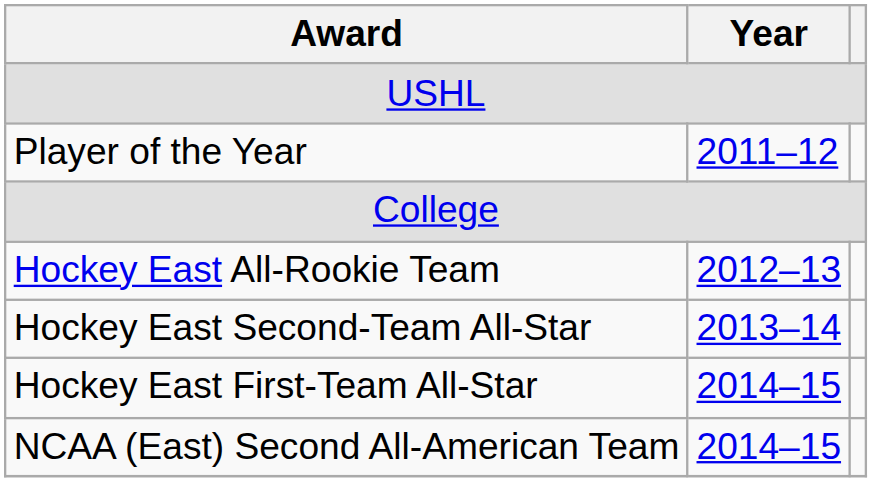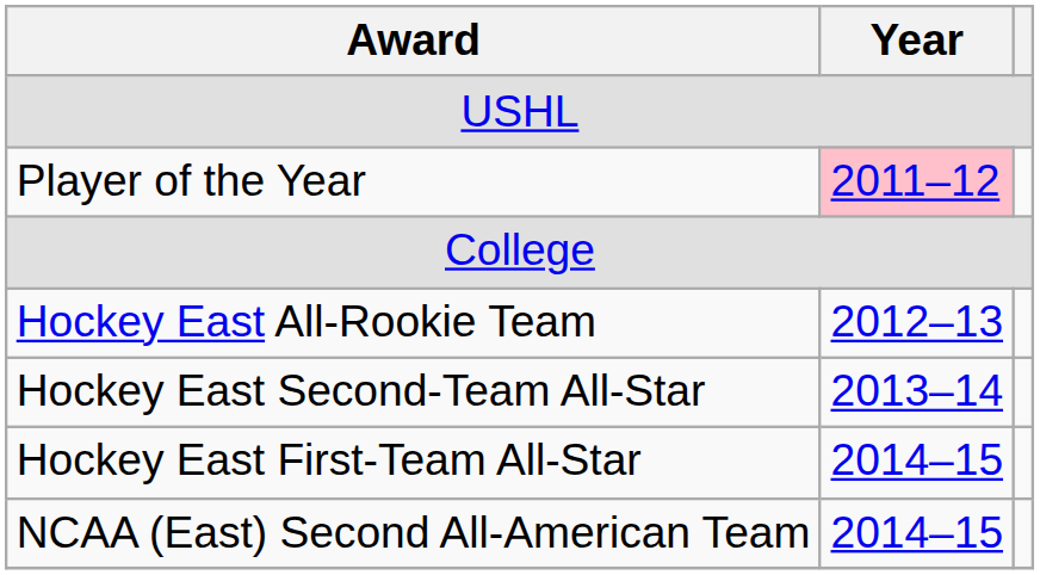 <table class="wikitable">
 <tr>
 <th>Award</th>
 <th>Year</th>
 <th></th>
 </tr>
 <tr ALIGN="center" bgcolor="#e0e0e0">
 <td colspan="3"><a href='#'>USHL</a></td>
 </tr>
 <tr>
 <td>Player of the Year</td>
-<td><a href='#'>2011–12</a></td>
+<td style="background: pink;"><a href='#'>2011–12</a></td>
 <td></td>
 </tr>
 <tr ALIGN="center" bgcolor="#e0e0e0">
 <td colspan="3"><a href='#'>College</a></td>
 </tr>
 <tr>
 <td><a href='#'>Hockey East</a> All-Rookie Team</td>
 <td><a href='#'>2012–13</a></td>
 <td></td>
 </tr>
 <tr>
 <td>Hockey East Second-Team All-Star</td>
 <td><a href='#'>2013–14</a></td>
 <td></td>
 </tr>
 <tr>
 <td>Hockey East First-Team All-Star</td>
 <td><a href='#'>2014–15</a></td>
 <td></td>
 </tr>
 <tr>
 <td>NCAA (East) Second All-American Team</td>
 <td><a href='#'>2014–15</a></td>
 <td></td>
 </tr>
 <tr>
 </tr>
 </table>
